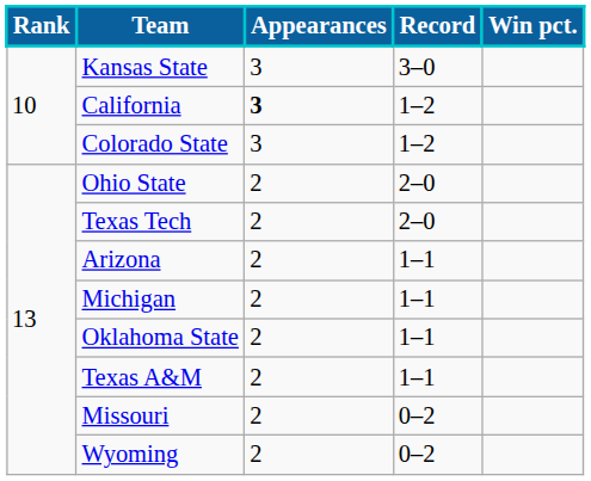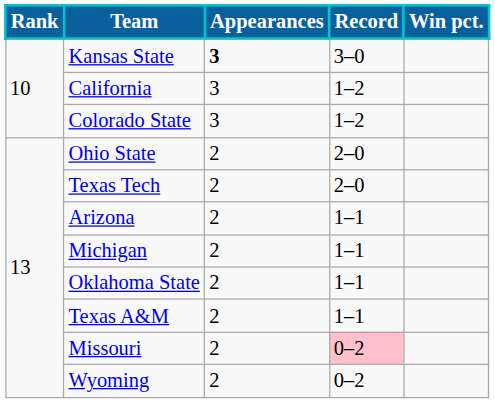 <table class = "wikitable">
 <tr>
 <th style="background:#0A609D; color:#FFFFFF; border: 2px solid #00C5CD;">Rank</th>
 <th style="background:#0A609D; color:#FFFFFF; border: 2px solid #00C5CD;">Team</th>
 <th style="background:#0A609D; color:#FFFFFF; border: 2px solid #00C5CD;">Appearances</th>
 <th style="background:#0A609D; color:#FFFFFF; border: 2px solid #00C5CD;">Record</th>
 <th style="background:#0A609D; color:#FFFFFF; border: 2px solid #00C5CD;">Win pct.</th>
 </tr>
 <tr>
 <td rowspan=3>10</td>
 <td><a href='#'>Kansas State</a></td>
-<td>3</td>
+<td><strong>3</strong></td>
 <td>3–0</td>
 <td></td>
 </tr>
 <tr>
 <td><a href='#'>California</a></td>
-<td><strong>3</strong></td>
+<td>3</td>
 <td>1–2</td>
 <td></td>
 </tr>
 <tr>
 <td><a href='#'>Colorado State</a></td>
 <td>3</td>
 <td>1–2</td>
 <td></td>
 </tr>
 <tr>
 <td rowspan=8>13</td>
 <td><a href='#'>Ohio State</a></td>
 <td>2</td>
 <td>2–0</td>
 <td></td>
 </tr>
 <tr>
 <td><a href='#'>Texas Tech</a></td>
 <td>2</td>
 <td>2–0</td>
 <td></td>
 </tr>
 <tr>
 <td><a href='#'>Arizona</a></td>
 <td>2</td>
 <td>1–1</td>
 <td></td>
 </tr>
 <tr>
 <td><a href='#'>Michigan</a></td>
 <td>2</td>
 <td>1–1</td>
 <td></td>
 </tr>
 <tr>
 <td><a href='#'>Oklahoma State</a></td>
 <td>2</td>
 <td>1–1</td>
 <td></td>
 </tr>
 <tr>
 <td><a href='#'>Texas A&M</a></td>
 <td>2</td>
 <td>1–1</td>
 <td></td>
 </tr>
 <tr>
 <td><a href='#'>Missouri</a></td>
 <td>2</td>
-<td>0–2</td>
+<td style="background: pink;">0–2</td>
 <td></td>
 </tr>
 <tr>
 <td><a href='#'>Wyoming</a></td>
 <td>2</td>
 <td>0–2</td>
 <td></td>
 </tr>
 </table>
